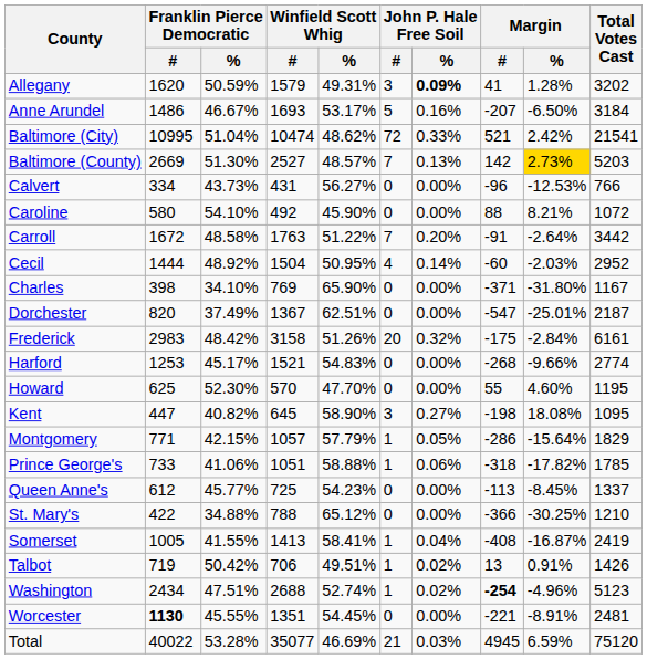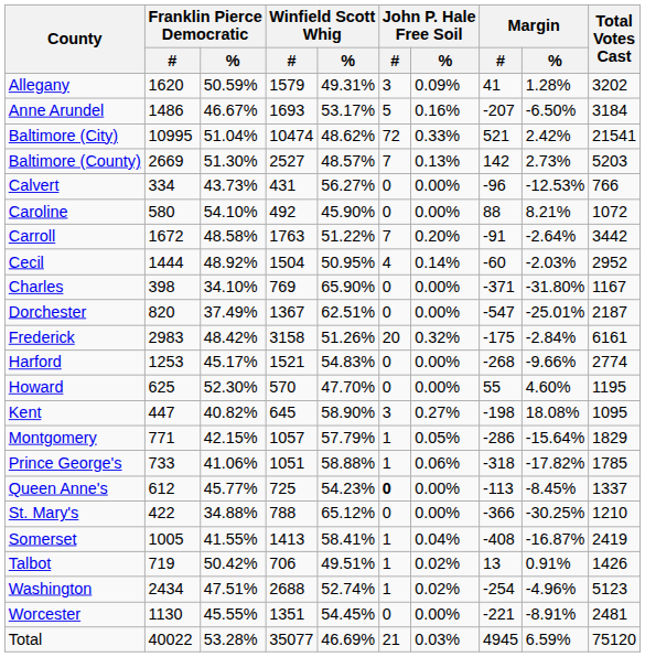 <table class="wikitable sortable">
 <tr>
 <th rowspan="2">County</th>
 <th colspan="2" >Franklin Pierce<br>Democratic</th>
 <th colspan="2" >Winfield Scott<br>Whig</th>
 <th colspan="2" >John P. Hale<br>Free Soil</th>
 <th colspan="2">Margin</th>
 <th rowspan="2">Total<br>Votes<br>Cast </th>
 </tr>
 <tr>
 <th>#</th>
 <th>%</th>
 <th>#</th>
 <th>%</th>
 <th>#</th>
 <th>%</th>
 <th>#</th>
 <th>%</th>
 </tr>
 <tr>
 <td><a href='#'>Allegany</a></td>
 <td>1620</td>
 <td>50.59%</td>
 <td>1579</td>
 <td>49.31%</td>
 <td>3</td>
-<td><strong>0.09%</strong></td>
+<td>0.09%</td>
 <td>41</td>
 <td>1.28%</td>
 <td>3202</td>
 </tr>
 <tr>
 <td><a href='#'>Anne Arundel</a></td>
 <td>1486</td>
 <td>46.67%</td>
 <td>1693</td>
 <td>53.17%</td>
 <td>5</td>
 <td>0.16%</td>
 <td>-207</td>
 <td>-6.50%</td>
 <td>3184</td>
 </tr>
 <tr>
 <td><a href='#'>Baltimore (City)</a></td>
 <td>10995</td>
 <td>51.04%</td>
 <td>10474</td>
 <td>48.62%</td>
 <td>72</td>
 <td>0.33%</td>
 <td>521</td>
 <td>2.42%</td>
 <td>21541</td>
 </tr>
 <tr>
 <td><a href='#'>Baltimore (County)</a></td>
 <td>2669</td>
 <td>51.30%</td>
 <td>2527</td>
 <td>48.57%</td>
 <td>7</td>
 <td>0.13%</td>
 <td>142</td>
-<td style="background: gold;">2.73%</td>
+<td>2.73%</td>
 <td>5203</td>
 </tr>
 <tr>
 <td><a href='#'>Calvert</a></td>
 <td>334</td>
 <td>43.73%</td>
 <td>431</td>
 <td>56.27%</td>
 <td>0</td>
 <td>0.00%</td>
 <td>-96</td>
 <td>-12.53%</td>
 <td>766</td>
 </tr>
 <tr>
 <td><a href='#'>Caroline</a></td>
 <td>580</td>
 <td>54.10%</td>
 <td>492</td>
 <td>45.90%</td>
 <td>0</td>
 <td>0.00%</td>
 <td>88</td>
 <td>8.21%</td>
 <td>1072</td>
 </tr>
 <tr>
 <td><a href='#'>Carroll</a></td>
 <td>1672</td>
 <td>48.58%</td>
 <td>1763</td>
 <td>51.22%</td>
 <td>7</td>
 <td>0.20%</td>
 <td>-91</td>
 <td>-2.64%</td>
 <td>3442</td>
 </tr>
 <tr>
 <td><a href='#'>Cecil</a></td>
 <td>1444</td>
 <td>48.92%</td>
 <td>1504</td>
 <td>50.95%</td>
 <td>4</td>
 <td>0.14%</td>
 <td>-60</td>
 <td>-2.03%</td>
 <td>2952</td>
 </tr>
 <tr>
 <td><a href='#'>Charles</a></td>
 <td>398</td>
 <td>34.10%</td>
 <td>769</td>
 <td>65.90%</td>
 <td>0</td>
 <td>0.00%</td>
 <td>-371</td>
 <td>-31.80%</td>
 <td>1167</td>
 </tr>
 <tr>
 <td><a href='#'>Dorchester</a></td>
 <td>820</td>
 <td>37.49%</td>
 <td>1367</td>
 <td>62.51%</td>
 <td>0</td>
 <td>0.00%</td>
 <td>-547</td>
 <td>-25.01%</td>
 <td>2187</td>
 </tr>
 <tr>
 <td><a href='#'>Frederick</a></td>
 <td>2983</td>
 <td>48.42%</td>
 <td>3158</td>
 <td>51.26%</td>
 <td>20</td>
 <td>0.32%</td>
 <td>-175</td>
 <td>-2.84%</td>
 <td>6161</td>
 </tr>
 <tr>
 <td><a href='#'>Harford</a></td>
 <td>1253</td>
 <td>45.17%</td>
 <td>1521</td>
 <td>54.83%</td>
 <td>0</td>
 <td>0.00%</td>
 <td>-268</td>
 <td>-9.66%</td>
 <td>2774</td>
 </tr>
 <tr>
 <td><a href='#'>Howard</a></td>
 <td>625</td>
 <td>52.30%</td>
 <td>570</td>
 <td>47.70%</td>
 <td>0</td>
 <td>0.00%</td>
 <td>55</td>
 <td>4.60%</td>
 <td>1195</td>
 </tr>
 <tr>
 <td><a href='#'>Kent</a></td>
 <td>447</td>
 <td>40.82%</td>
 <td>645</td>
 <td>58.90%</td>
 <td>3</td>
 <td>0.27%</td>
 <td>-198</td>
 <td>18.08%</td>
 <td>1095</td>
 </tr>
 <tr>
 <td><a href='#'>Montgomery</a></td>
 <td>771</td>
 <td>42.15%</td>
 <td>1057</td>
 <td>57.79%</td>
 <td>1</td>
 <td>0.05%</td>
 <td>-286</td>
 <td>-15.64%</td>
 <td>1829</td>
 </tr>
 <tr>
 <td><a href='#'>Prince George's</a></td>
 <td>733</td>
 <td>41.06%</td>
 <td>1051</td>
 <td>58.88%</td>
 <td>1</td>
 <td>0.06%</td>
 <td>-318</td>
 <td>-17.82%</td>
 <td>1785</td>
 </tr>
 <tr>
 <td><a href='#'>Queen Anne's</a></td>
 <td>612</td>
 <td>45.77%</td>
 <td>725</td>
 <td>54.23%</td>
-<td>0</td>
+<td><strong>0</strong></td>
 <td>0.00%</td>
 <td>-113</td>
 <td>-8.45%</td>
 <td>1337</td>
 </tr>
 <tr>
 <td><a href='#'>St. Mary's</a></td>
 <td>422</td>
 <td>34.88%</td>
 <td>788</td>
 <td>65.12%</td>
 <td>0</td>
 <td>0.00%</td>
 <td>-366</td>
 <td>-30.25%</td>
 <td>1210</td>
 </tr>
 <tr>
 <td><a href='#'>Somerset</a></td>
 <td>1005</td>
 <td>41.55%</td>
 <td>1413</td>
 <td>58.41%</td>
 <td>1</td>
 <td>0.04%</td>
 <td>-408</td>
 <td>-16.87%</td>
 <td>2419</td>
 </tr>
 <tr>
 <td><a href='#'>Talbot</a></td>
 <td>719</td>
 <td>50.42%</td>
 <td>706</td>
 <td>49.51%</td>
 <td>1</td>
 <td>0.02%</td>
 <td>13</td>
 <td>0.91%</td>
 <td>1426</td>
 </tr>
 <tr>
 <td><a href='#'>Washington</a></td>
 <td>2434</td>
 <td>47.51%</td>
 <td>2688</td>
 <td>52.74%</td>
 <td>1</td>
 <td>0.02%</td>
-<td><strong>-254</strong></td>
+<td>-254</td>
 <td>-4.96%</td>
 <td>5123</td>
 </tr>
 <tr>
 <td><a href='#'>Worcester</a></td>
-<td><strong>1130</strong></td>
+<td>1130</td>
 <td>45.55%</td>
 <td>1351</td>
 <td>54.45%</td>
 <td>0</td>
 <td>0.00%</td>
 <td>-221</td>
 <td>-8.91%</td>
 <td>2481</td>
 </tr>
 <tr>
 <td>Total</td>
 <td>40022</td>
 <td>53.28%</td>
 <td>35077</td>
 <td>46.69%</td>
 <td>21</td>
 <td>0.03%</td>
 <td>4945</td>
 <td>6.59%</td>
 <td>75120</td>
 </tr>
 </table>
